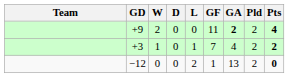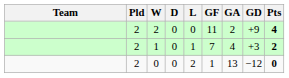 <table class="wikitable" style="text-align: center;">
 <tr>
 <th width=175>Team</th>
-<th width=20>GD</th>
+<th width=20>Pld</th>
 <th width=20>W</th>
 <th width=20>D</th>
 <th width=20>L</th>
 <th width=20>GF</th>
 <th width=20>GA</th>
-<th width=20>Pld</th>
+<th width=20>GD</th>
 <th width=20>Pts</th>
 </tr>
 <tr bgcolor=ccffcc>
 <td style="text-align:left;"></td>
-<td>+9</td>
+<td>2</td>
 <td>2</td>
 <td>0</td>
 <td>0</td>
 <td>11</td>
-<td><strong>2</strong></td>
 <td>2</td>
+<td>+9</td>
 <td><strong>4</strong></td>
 </tr>
 <tr bgcolor=ccffcc>
 <td style="text-align:left;"></td>
-<td>+3</td>
+<td>2</td>
 <td>1</td>
 <td>0</td>
 <td>1</td>
 <td>7</td>
 <td>4</td>
-<td>2</td>
+<td>+3</td>
 <td><strong>2</strong></td>
 </tr>
 <tr>
 <td style="text-align:left;"></td>
-<td>−12</td>
+<td>2</td>
 <td>0</td>
 <td>0</td>
 <td>2</td>
 <td>1</td>
 <td>13</td>
-<td>2</td>
+<td>−12</td>
 <td><strong>0</strong></td>
 </tr>
 </table>
